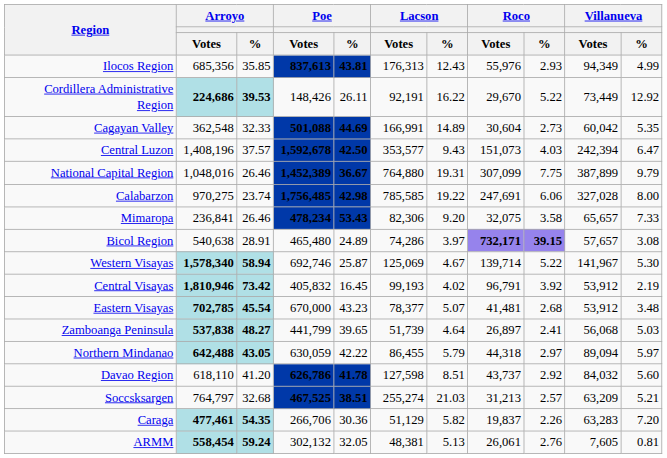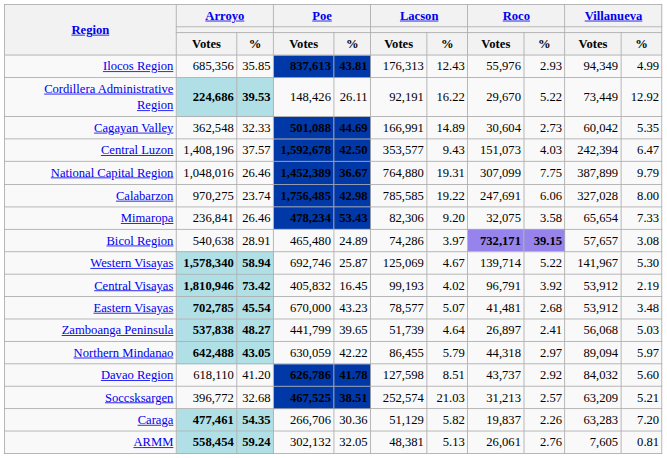 <table class="wikitable sortable collapsible collapsed" style="text-align:right; font-size:95%; line-height:20px;">
 <tr>
 <th width="200" rowspan="3"><a href='#'>Region</a></th>
 <th width="110" colspan="2"><a href='#'>Arroyo</a></th>
 <th width="110" colspan="2"><a href='#'>Poe</a></th>
 <th width="110" colspan="2"><a href='#'>Lacson</a></th>
 <th width="110" colspan="2"><a href='#'>Roco</a></th>
 <th width="110" colspan="2"><a href='#'>Villanueva</a></th>
 </tr>
 <tr>
 <th colspan="2" style="background:"></th>
 <th colspan="2" style="background:"></th>
 <th colspan="2" style="background:"></th>
 <th colspan="2" style="background:"></th>
 <th colspan="2" style="background:"></th>
 </tr>
 <tr>
 <th>Votes</th>
 <th>%</th>
 <th>Votes</th>
 <th>%</th>
 <th>Votes</th>
 <th>%</th>
 <th>Votes</th>
 <th>%</th>
 <th>Votes</th>
 <th>%</th>
 </tr>
 <tr>
 <td><a href='#'>Ilocos Region</a></td>
 <td>685,356</td>
 <td>35.85</td>
 <td style="background:#0038A8;"><span><strong>837,613</strong></span></td>
 <td style="background:#0038A8;"><span><strong>43.81</strong></span></td>
 <td>176,313</td>
 <td>12.43</td>
 <td>55,976</td>
 <td>2.93</td>
 <td>94,349</td>
 <td>4.99</td>
 </tr>
 <tr>
 <td><a href='#'>Cordillera Administrative Region</a></td>
 <td style="background:#B0E0E6;"><strong>224,686</strong></td>
 <td style="background:#B0E0E6;"><strong>39.53</strong></td>
 <td>148,426</td>
 <td>26.11</td>
 <td>92,191</td>
 <td>16.22</td>
 <td>29,670</td>
 <td>5.22</td>
 <td>73,449</td>
 <td>12.92</td>
 </tr>
 <tr>
 <td><a href='#'>Cagayan Valley</a></td>
 <td>362,548</td>
 <td>32.33</td>
 <td style="background:#0038A8;"><span><strong>501,088</strong></span></td>
 <td style="background:#0038A8;"><span><strong>44.69</strong></span></td>
 <td>166,991</td>
 <td>14.89</td>
 <td>30,604</td>
 <td>2.73</td>
 <td>60,042</td>
 <td>5.35</td>
 </tr>
 <tr>
 <td><a href='#'>Central Luzon</a></td>
 <td>1,408,196</td>
 <td>37.57</td>
 <td style="background:#0038A8;"><span><strong>1,592,678</strong></span></td>
 <td style="background:#0038A8;"><span><strong>42.50</strong></span></td>
 <td>353,577</td>
 <td>9.43</td>
 <td>151,073</td>
 <td>4.03</td>
 <td>242,394</td>
 <td>6.47</td>
 </tr>
 <tr>
 <td><a href='#'>National Capital Region</a></td>
 <td>1,048,016</td>
 <td>26.46</td>
 <td style="background:#0038A8;"><span><strong>1,452,389</strong></span></td>
 <td style="background:#0038A8;"><span><strong>36.67</strong></span></td>
 <td>764,880</td>
 <td>19.31</td>
 <td>307,099</td>
 <td>7.75</td>
 <td>387,899</td>
 <td>9.79</td>
 </tr>
 <tr>
 <td><a href='#'>Calabarzon</a></td>
 <td>970,275</td>
 <td>23.74</td>
 <td style="background:#0038A8;"><span><strong>1,756,485</strong></span></td>
 <td style="background:#0038A8;"><span><strong>42.98</strong></span></td>
 <td>785,585</td>
 <td>19.22</td>
 <td>247,691</td>
 <td>6.06</td>
 <td>327,028</td>
 <td>8.00</td>
 </tr>
 <tr>
 <td><a href='#'>Mimaropa</a></td>
 <td>236,841</td>
 <td>26.46</td>
 <td style="background:#0038A8;"><span><strong>478,234</strong></span></td>
 <td style="background:#0038A8;"><span><strong>53.43</strong></span></td>
 <td>82,306</td>
 <td>9.20</td>
 <td>32,075</td>
 <td>3.58</td>
-<td>65,657</td>
+<td>65,654</td>
 <td>7.33</td>
 </tr>
 <tr>
 <td><a href='#'>Bicol Region</a></td>
 <td>540,638</td>
 <td>28.91</td>
 <td>465,480</td>
 <td>24.89</td>
 <td>74,286</td>
 <td>3.97</td>
 <td style="background:#9683EC;"><strong>732,171</strong></td>
 <td style="background:#9683EC;"><strong>39.15</strong></td>
 <td>57,657</td>
 <td>3.08</td>
 </tr>
 <tr>
 <td><a href='#'>Western Visayas</a></td>
 <td style="background:#B0E0E6;"><strong>1,578,340</strong></td>
 <td style="background:#B0E0E6;"><strong>58.94</strong></td>
 <td>692,746</td>
 <td>25.87</td>
 <td>125,069</td>
 <td>4.67</td>
 <td>139,714</td>
 <td>5.22</td>
 <td>141,967</td>
 <td>5.30</td>
 </tr>
 <tr>
 <td><a href='#'>Central Visayas</a></td>
 <td style="background:#B0E0E6;"><strong>1,810,946</strong></td>
 <td style="background:#B0E0E6;"><strong>73.42</strong></td>
 <td>405,832</td>
 <td>16.45</td>
 <td>99,193</td>
 <td>4.02</td>
 <td>96,791</td>
 <td>3.92</td>
 <td>53,912</td>
 <td>2.19</td>
 </tr>
 <tr>
 <td><a href='#'>Eastern Visayas</a></td>
 <td style="background:#B0E0E6;"><strong>702,785</strong></td>
 <td style="background:#B0E0E6;"><strong>45.54</strong></td>
 <td>670,000</td>
 <td>43.23</td>
-<td>78,377</td>
+<td>78,577</td>
 <td>5.07</td>
 <td>41,481</td>
 <td>2.68</td>
 <td>53,912</td>
 <td>3.48</td>
 </tr>
 <tr>
 <td><a href='#'>Zamboanga Peninsula</a></td>
 <td style="background:#B0E0E6;"><strong>537,838</strong></td>
 <td style="background:#B0E0E6;"><strong>48.27</strong></td>
 <td>441,799</td>
 <td>39.65</td>
 <td>51,739</td>
 <td>4.64</td>
 <td>26,897</td>
 <td>2.41</td>
 <td>56,068</td>
 <td>5.03</td>
 </tr>
 <tr>
 <td><a href='#'>Northern Mindanao</a></td>
 <td style="background:#B0E0E6;"><strong>642,488</strong></td>
 <td style="background:#B0E0E6;"><strong>43.05</strong></td>
 <td>630,059</td>
 <td>42.22</td>
 <td>86,455</td>
 <td>5.79</td>
 <td>44,318</td>
 <td>2.97</td>
 <td>89,094</td>
 <td>5.97</td>
 </tr>
 <tr>
 <td><a href='#'>Davao Region</a></td>
 <td>618,110</td>
 <td>41.20</td>
 <td style="background:#0038A8;"><span><strong>626,786</strong></span></td>
 <td style="background:#0038A8;"><span><strong>41.78</strong></span></td>
 <td>127,598</td>
 <td>8.51</td>
 <td>43,737</td>
 <td>2.92</td>
 <td>84,032</td>
 <td>5.60</td>
 </tr>
 <tr>
 <td><a href='#'>Soccsksargen</a></td>
-<td>764,797</td>
+<td>396,772</td>
 <td>32.68</td>
 <td style="background:#0038A8;"><span><strong>467,525</strong></span></td>
 <td style="background:#0038A8;"><span><strong>38.51</strong></span></td>
-<td>255,274</td>
+<td>252,574</td>
 <td>21.03</td>
 <td>31,213</td>
 <td>2.57</td>
 <td>63,209</td>
 <td>5.21</td>
 </tr>
 <tr>
 <td><a href='#'>Caraga</a></td>
 <td style="background:#B0E0E6;"><strong>477,461</strong></td>
 <td style="background:#B0E0E6;"><strong>54.35</strong></td>
 <td>266,706</td>
 <td>30.36</td>
 <td>51,129</td>
 <td>5.82</td>
 <td>19,837</td>
 <td>2.26</td>
 <td>63,283</td>
 <td>7.20</td>
 </tr>
 <tr>
 <td><a href='#'>ARMM</a></td>
 <td style="background:#B0E0E6;"><strong>558,454</strong></td>
 <td style="background:#B0E0E6;"><strong>59.24</strong></td>
 <td>302,132</td>
 <td>32.05</td>
 <td>48,381</td>
 <td>5.13</td>
 <td>26,061</td>
 <td>2.76</td>
 <td>7,605</td>
 <td>0.81</td>
 </tr>
 </table>
